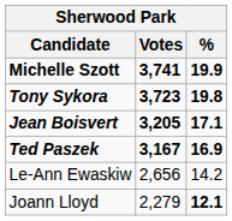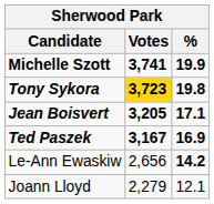 <table class="wikitable">
 <tr>
 <th colspan=3>Sherwood Park</th>
 </tr>
 <tr>
 <th>Candidate</th>
 <th>Votes</th>
 <th>%</th>
 </tr>
 <tr>
 <td><strong>Michelle Szott</strong></td>
 <td><strong>3,741</strong></td>
 <td><strong>19.9</strong></td>
 </tr>
 <tr>
 <td><strong><em>Tony Sykora</em></strong></td>
-<td><strong>3,723</strong></td>
+<td style="background: gold;"><strong>3,723</strong></td>
 <td><strong>19.8</strong></td>
 </tr>
 <tr>
 <td><strong><em>Jean Boisvert</em></strong></td>
 <td><strong>3,205</strong></td>
 <td><strong>17.1</strong></td>
 </tr>
 <tr>
 <td><strong><em>Ted Paszek</em></strong></td>
 <td><strong>3,167</strong></td>
 <td><strong>16.9</strong></td>
 </tr>
 <tr>
 <td>Le-Ann Ewaskiw</td>
 <td>2,656</td>
-<td>14.2</td>
+<td><strong>14.2</strong></td>
 </tr>
 <tr>
 <td>Joann Lloyd</td>
 <td>2,279</td>
-<td><strong>12.1</strong></td>
+<td>12.1</td>
 </tr>
 </table>
